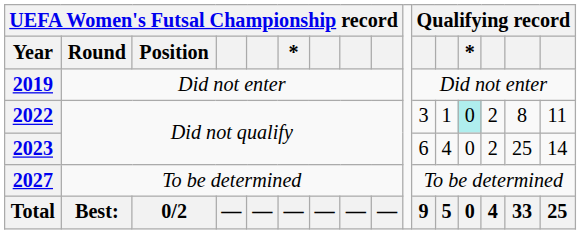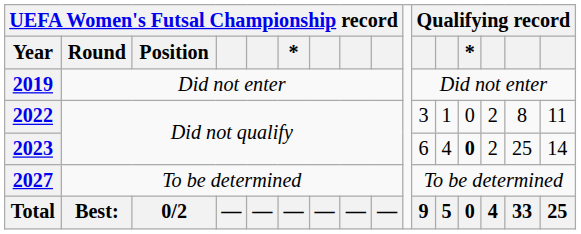 <table class="wikitable" style="text-align: center;">
 <tr>
 <th colspan="9"><a href='#'>UEFA Women's Futsal Championship</a> record</th>
 <td rowspan=17></td>
 <th colspan=6>Qualifying record</th>
 </tr>
 <tr>
 <th>Year</th>
 <th>Round</th>
 <th>Position</th>
 <th></th>
 <th></th>
 <th>*</th>
 <th></th>
 <th></th>
 <th></th>
 <th></th>
 <th></th>
 <th>*</th>
 <th></th>
 <th></th>
 <th></th>
 </tr>
 <tr>
 <th> <a href='#'>2019</a></th>
 <td colspan="8"><em>Did not enter</em></td>
 <td colspan="6"><em>Did not enter</em></td>
 </tr>
 <tr>
 <th> <a href='#'>2022</a></th>
 <td colspan="8" rowspan="2"><em>Did not qualify</em></td>
 <td>3</td>
 <td>1</td>
-<td style="background: paleturquoise;">0</td>
+<td>0</td>
 <td>2</td>
 <td>8</td>
 <td>11</td>
 </tr>
 <tr>
 <th> <a href='#'>2023</a></th>
 <td>6</td>
 <td>4</td>
-<td>0</td>
+<td><strong>0</strong></td>
 <td>2</td>
 <td>25</td>
 <td>14</td>
 </tr>
 <tr>
 <th> <a href='#'>2027</a></th>
 <td colspan="8"><em>To be determined</em></td>
 <td colspan=6><em>To be determined</em></td>
 </tr>
 <tr>
 <th>Total</th>
 <th>Best:</th>
 <th>0/2</th>
 <th>—</th>
 <th>—</th>
 <th>—</th>
 <th>—</th>
 <th>—</th>
 <th>—</th>
 <th>9</th>
 <th>5</th>
 <th>0</th>
 <th>4</th>
 <th>33</th>
 <th>25</th>
 </tr>
 </table>
